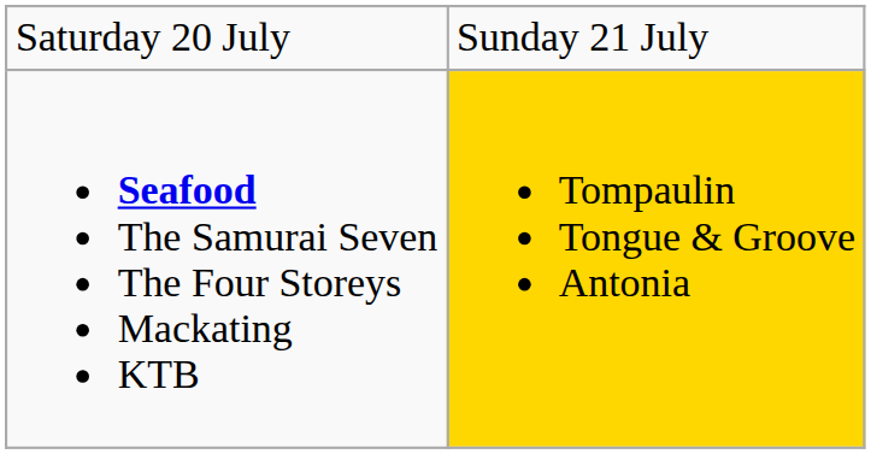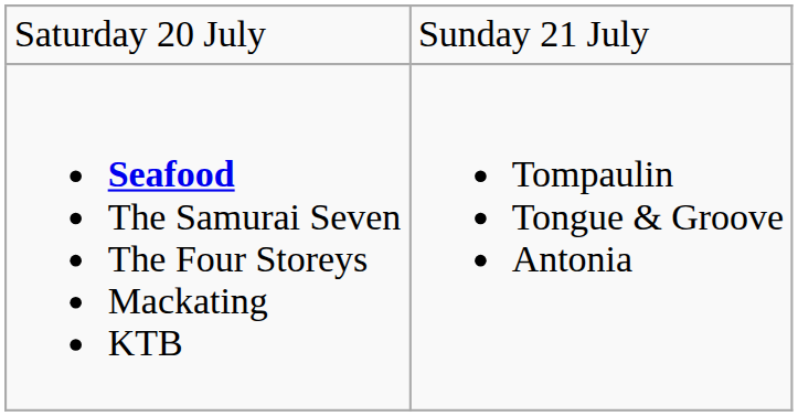 <table class="wikitable">
 <tr>
 <td>Saturday 20 July</td>
 <td>Sunday 21 July</td>
 </tr>
 <tr valign="top">
 <td><br><ul><li><strong><a href='#'>Seafood</a></strong></li><li>The Samurai Seven</li><li>The Four Storeys</li><li>Mackating</li><li>KTB</li></ul></td>
-<td style="background: gold;"><br><ul><li>Tompaulin</li><li>Tongue & Groove</li><li>Antonia</li></ul></td>
+<td><br><ul><li>Tompaulin</li><li>Tongue & Groove</li><li>Antonia</li></ul></td>
 </tr>
 </table>
